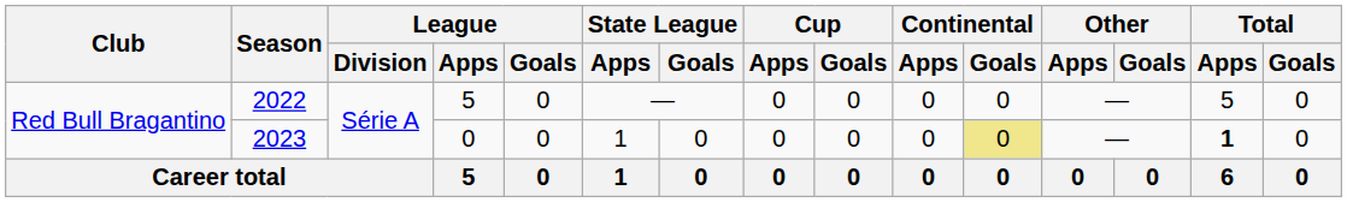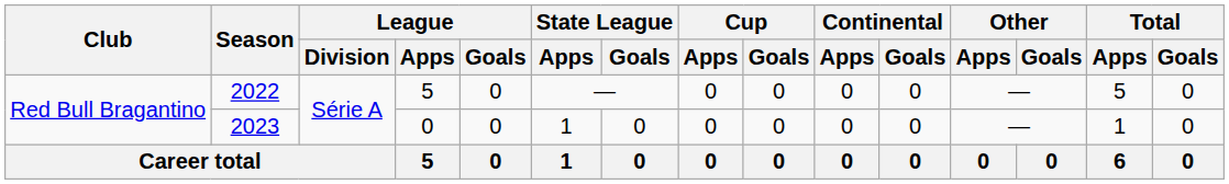 <table class="wikitable" style="text-align: center">
 <tr>
 <th rowspan="2">Club</th>
 <th rowspan="2">Season</th>
 <th colspan="3">League</th>
 <th colspan="2">State League</th>
 <th colspan="2">Cup</th>
 <th colspan="2">Continental</th>
 <th colspan="2">Other</th>
 <th colspan="2">Total</th>
 </tr>
 <tr>
 <th>Division</th>
 <th>Apps</th>
 <th>Goals</th>
 <th>Apps</th>
 <th>Goals</th>
 <th>Apps</th>
 <th>Goals</th>
 <th>Apps</th>
 <th>Goals</th>
 <th>Apps</th>
 <th>Goals</th>
 <th>Apps</th>
 <th>Goals</th>
 </tr>
 <tr>
 <td rowspan="2"><a href='#'>Red Bull Bragantino</a></td>
 <td><a href='#'>2022</a></td>
 <td rowspan="2"><a href='#'>Série A</a></td>
 <td>5</td>
 <td>0</td>
 <td colspan="2">—</td>
 <td>0</td>
 <td>0</td>
 <td>0</td>
 <td>0</td>
 <td colspan="2">—</td>
 <td>5</td>
 <td>0</td>
 </tr>
 <tr>
 <td><a href='#'>2023</a></td>
 <td>0</td>
 <td>0</td>
 <td>1</td>
 <td>0</td>
 <td>0</td>
 <td>0</td>
 <td>0</td>
-<td style="background: khaki;">0</td>
+<td>0</td>
 <td colspan="2">—</td>
-<td><strong>1</strong></td>
+<td>1</td>
 <td>0</td>
 </tr>
 <tr>
 <th colspan="3"><strong>Career total</strong></th>
 <th>5</th>
 <th>0</th>
 <th>1</th>
 <th>0</th>
 <th>0</th>
 <th>0</th>
 <th>0</th>
 <th>0</th>
 <th>0</th>
 <th>0</th>
 <th>6</th>
 <th>0</th>
 </tr>
 </table>
